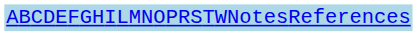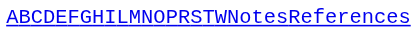 <table id="toc" class="toc" summary="Class" align="center" style="text-align:center;">
 <tr>
 <th></th>
 </tr>
 <tr>
-<td style="background: lightblue;"><a href='#'>A</a><a href='#'>B</a><a href='#'>C</a><a href='#'>D</a><a href='#'>E</a><a href='#'>F</a><a href='#'>G</a><a href='#'>H</a><a href='#'>I</a><a href='#'>L</a><a href='#'>M</a><a href='#'>N</a><a href='#'>O</a><a href='#'>P</a><a href='#'>R</a><a href='#'>S</a><a href='#'>T</a><a href='#'>W</a><a href='#'>Notes</a><a href='#'>References</a></td>
+<td><a href='#'>A</a><a href='#'>B</a><a href='#'>C</a><a href='#'>D</a><a href='#'>E</a><a href='#'>F</a><a href='#'>G</a><a href='#'>H</a><a href='#'>I</a><a href='#'>L</a><a href='#'>M</a><a href='#'>N</a><a href='#'>O</a><a href='#'>P</a><a href='#'>R</a><a href='#'>S</a><a href='#'>T</a><a href='#'>W</a><a href='#'>Notes</a><a href='#'>References</a></td>
 </tr>
 </table>
